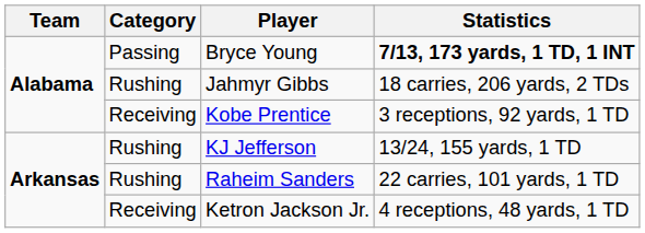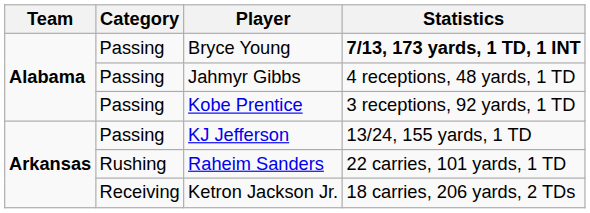 <table class="wikitable" style="float: right;">
 <tr>
 <th>Team</th>
 <th>Category</th>
 <th>Player</th>
 <th>Statistics</th>
 </tr>
 <tr>
 <td rowspan=3><strong>Alabama</strong></td>
 <td>Passing</td>
 <td>Bryce Young</td>
 <td><strong>7/13, 173 yards, 1 TD, 1 INT</strong></td>
 </tr>
 <tr>
-<td>Rushing</td>
+<td>Passing</td>
 <td>Jahmyr Gibbs</td>
-<td>18 carries, 206 yards, 2 TDs</td>
+<td>4 receptions, 48 yards, 1 TD</td>
 </tr>
 <tr>
-<td>Receiving</td>
+<td>Passing</td>
 <td><a href='#'>Kobe Prentice</a></td>
 <td>3 receptions, 92 yards, 1 TD</td>
 </tr>
 <tr>
 <td rowspan=3><strong>Arkansas</strong></td>
-<td>Rushing</td>
+<td>Passing</td>
 <td><a href='#'>KJ Jefferson</a></td>
 <td>13/24, 155 yards, 1 TD</td>
 </tr>
 <tr>
 <td>Rushing</td>
 <td><a href='#'>Raheim Sanders</a></td>
 <td>22 carries, 101 yards, 1 TD</td>
 </tr>
 <tr>
 <td>Receiving</td>
 <td>Ketron Jackson Jr.</td>
-<td>4 receptions, 48 yards, 1 TD</td>
+<td>18 carries, 206 yards, 2 TDs</td>
 </tr>
 </table>
